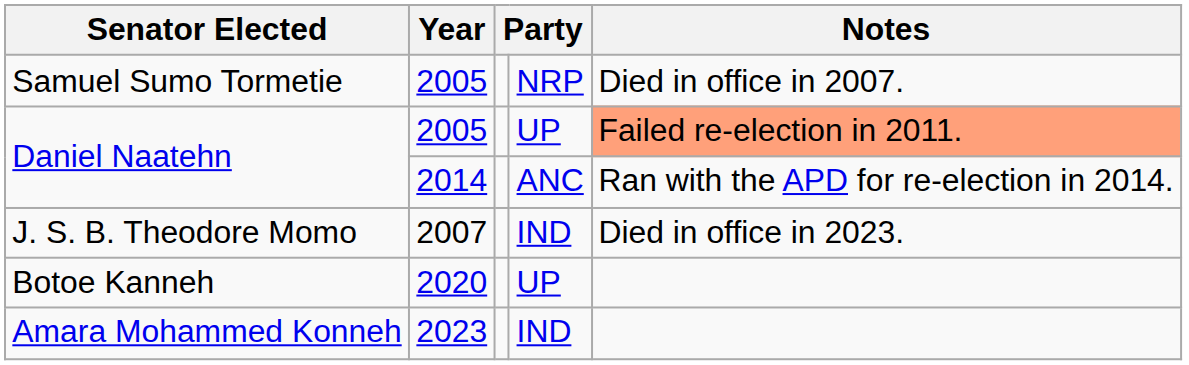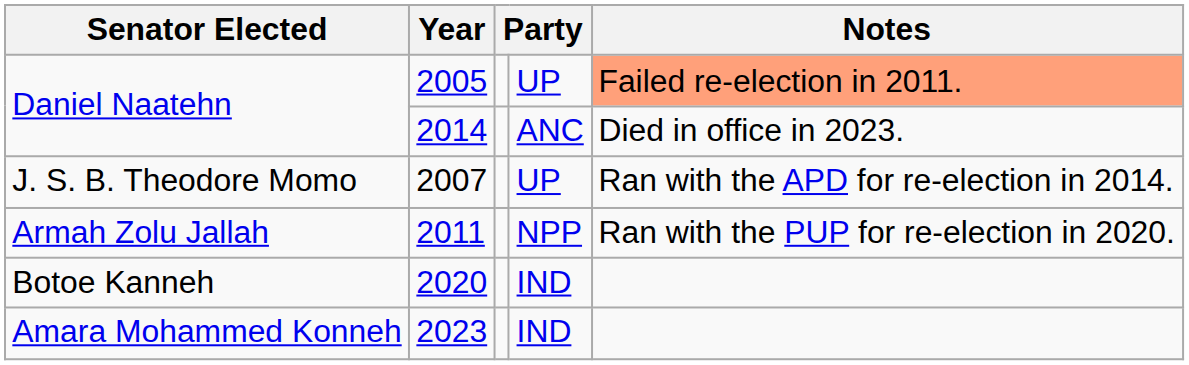 <table class="wikitable">
 <tr>
 <th>Senator Elected</th>
 <th>Year</th>
 <th colspan=2>Party</th>
 <th>Notes</th>
-</tr>
-<tr>
-<td>Samuel Sumo Tormetie</td>
-<td><a href='#'>2005</a></td>
-<td></td>
-<td><a href='#'>NRP</a></td>
-<td>Died in office in 2007.</td>
 </tr>
 <tr>
 <td rowspan=2><a href='#'>Daniel Naatehn</a></td>
 <td><a href='#'>2005</a></td>
 <td></td>
 <td><a href='#'>UP</a></td>
 <td style="background: lightsalmon;">Failed re-election in 2011.</td>
 </tr>
 <tr>
 <td><a href='#'>2014</a></td>
 <td></td>
 <td><a href='#'>ANC</a></td>
-<td>Ran with the <a href='#'>APD</a> for re-election in 2014.</td>
+<td>Died in office in 2023.</td>
 </tr>
 <tr>
 <td>J. S. B. Theodore Momo</td>
 <td>2007</td>
 <td></td>
-<td><a href='#'>IND</a></td>
-<td>Died in office in 2023.</td>
+<td><a href='#'>UP</a></td>
+<td>Ran with the <a href='#'>APD</a> for re-election in 2014.</td>
+</tr>
+<tr>
+<td><a href='#'>Armah Zolu Jallah</a></td>
+<td><a href='#'>2011</a></td>
+<td></td>
+<td><a href='#'>NPP</a></td>
+<td>Ran with the <a href='#'>PUP</a> for re-election in 2020.</td>
 </tr>
 <tr>
 <td>Botoe Kanneh</td>
 <td><a href='#'>2020</a></td>
 <td></td>
-<td><a href='#'>UP</a></td>
+<td><a href='#'>IND</a></td>
 <td></td>
 </tr>
 <tr>
 <td><a href='#'>Amara Mohammed Konneh</a></td>
 <td><a href='#'>2023</a></td>
 <td></td>
 <td><a href='#'>IND</a></td>
 <td></td>
 </tr>
 </table>
